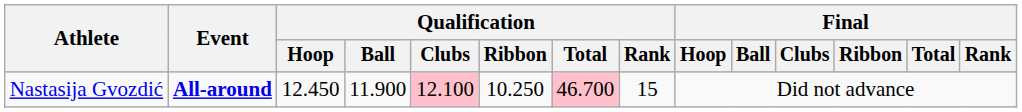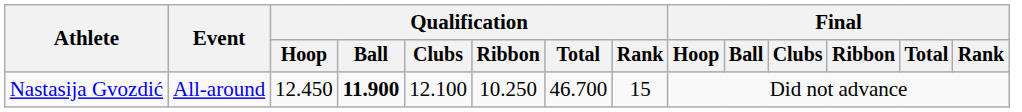 <table class=wikitable style="font-size:90%">
 <tr>
 <th rowspan="2">Athlete</th>
 <th rowspan="2">Event</th>
 <th colspan=6>Qualification</th>
 <th colspan=6>Final</th>
 </tr>
 <tr style="font-size:95%">
 <th>Hoop</th>
 <th>Ball</th>
 <th>Clubs</th>
 <th>Ribbon</th>
 <th>Total</th>
 <th>Rank</th>
 <th>Hoop</th>
 <th>Ball</th>
 <th>Clubs</th>
 <th>Ribbon</th>
 <th>Total</th>
 <th>Rank</th>
 </tr>
 <tr align=center>
 <td align=left><a href='#'>Nastasija Gvozdić</a></td>
-<td align=left><strong><a href='#'>All-around</a></strong></td>
+<td align=left><a href='#'>All-around</a></td>
 <td>12.450</td>
-<td>11.900</td>
-<td style="background: pink;">12.100</td>
+<td><strong>11.900</strong></td>
+<td>12.100</td>
 <td>10.250</td>
-<td style="background: pink;">46.700</td>
+<td>46.700</td>
 <td>15</td>
 <td colspan=6>Did not advance</td>
 </tr>
 </table>
